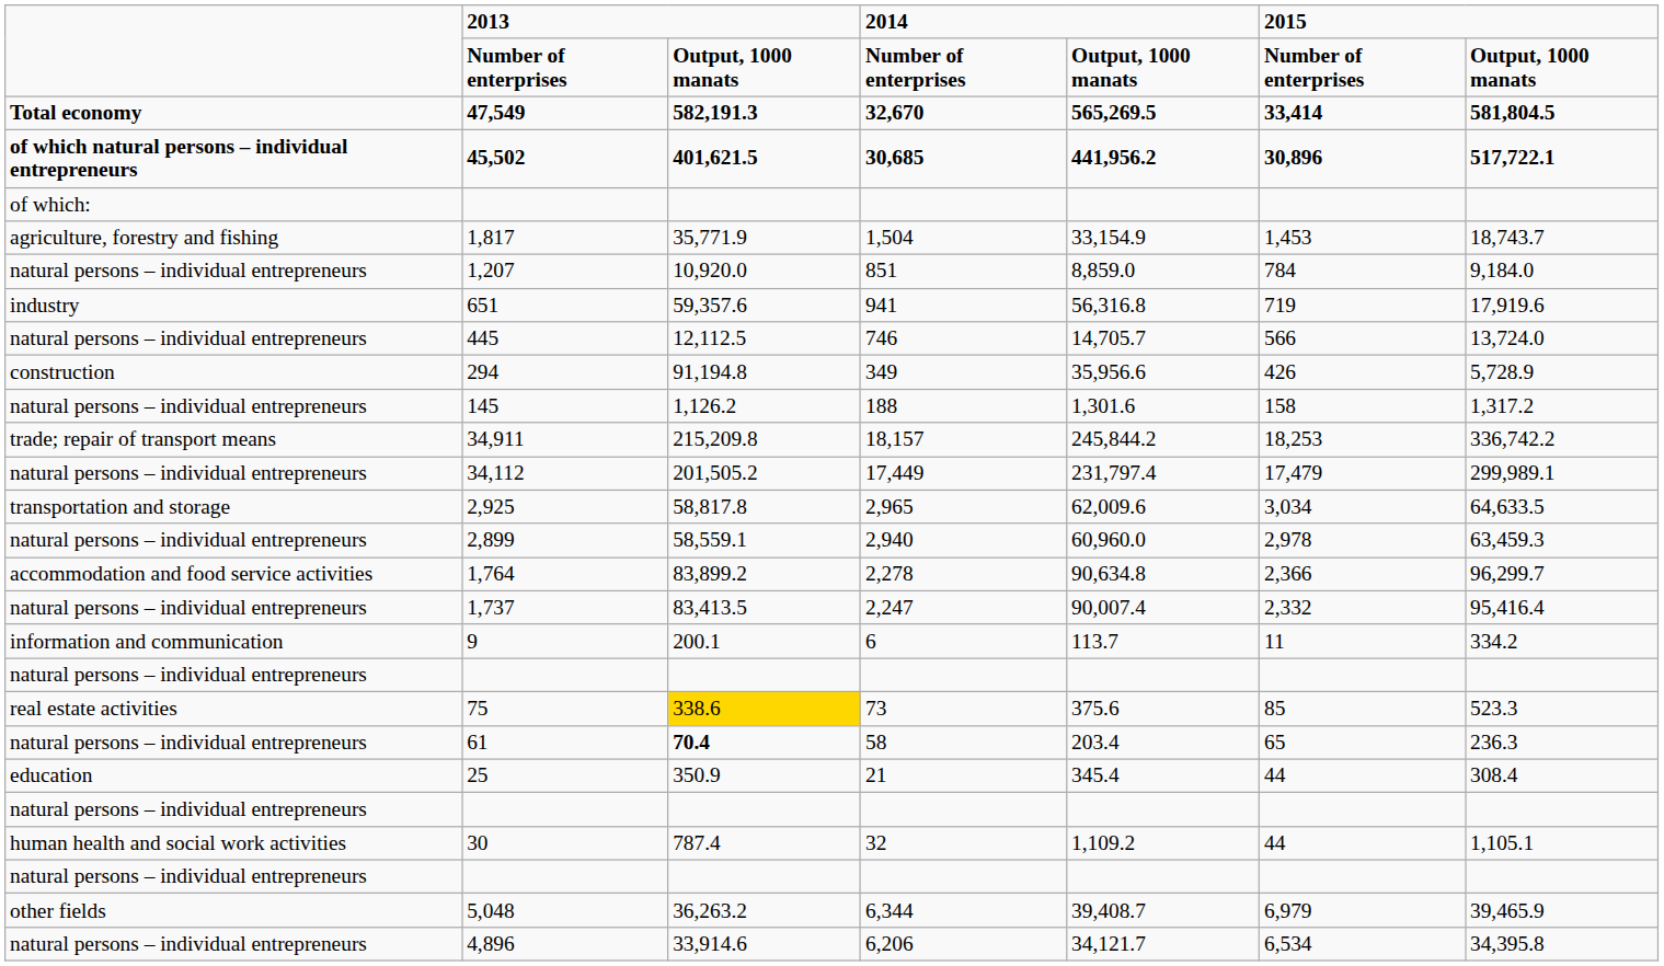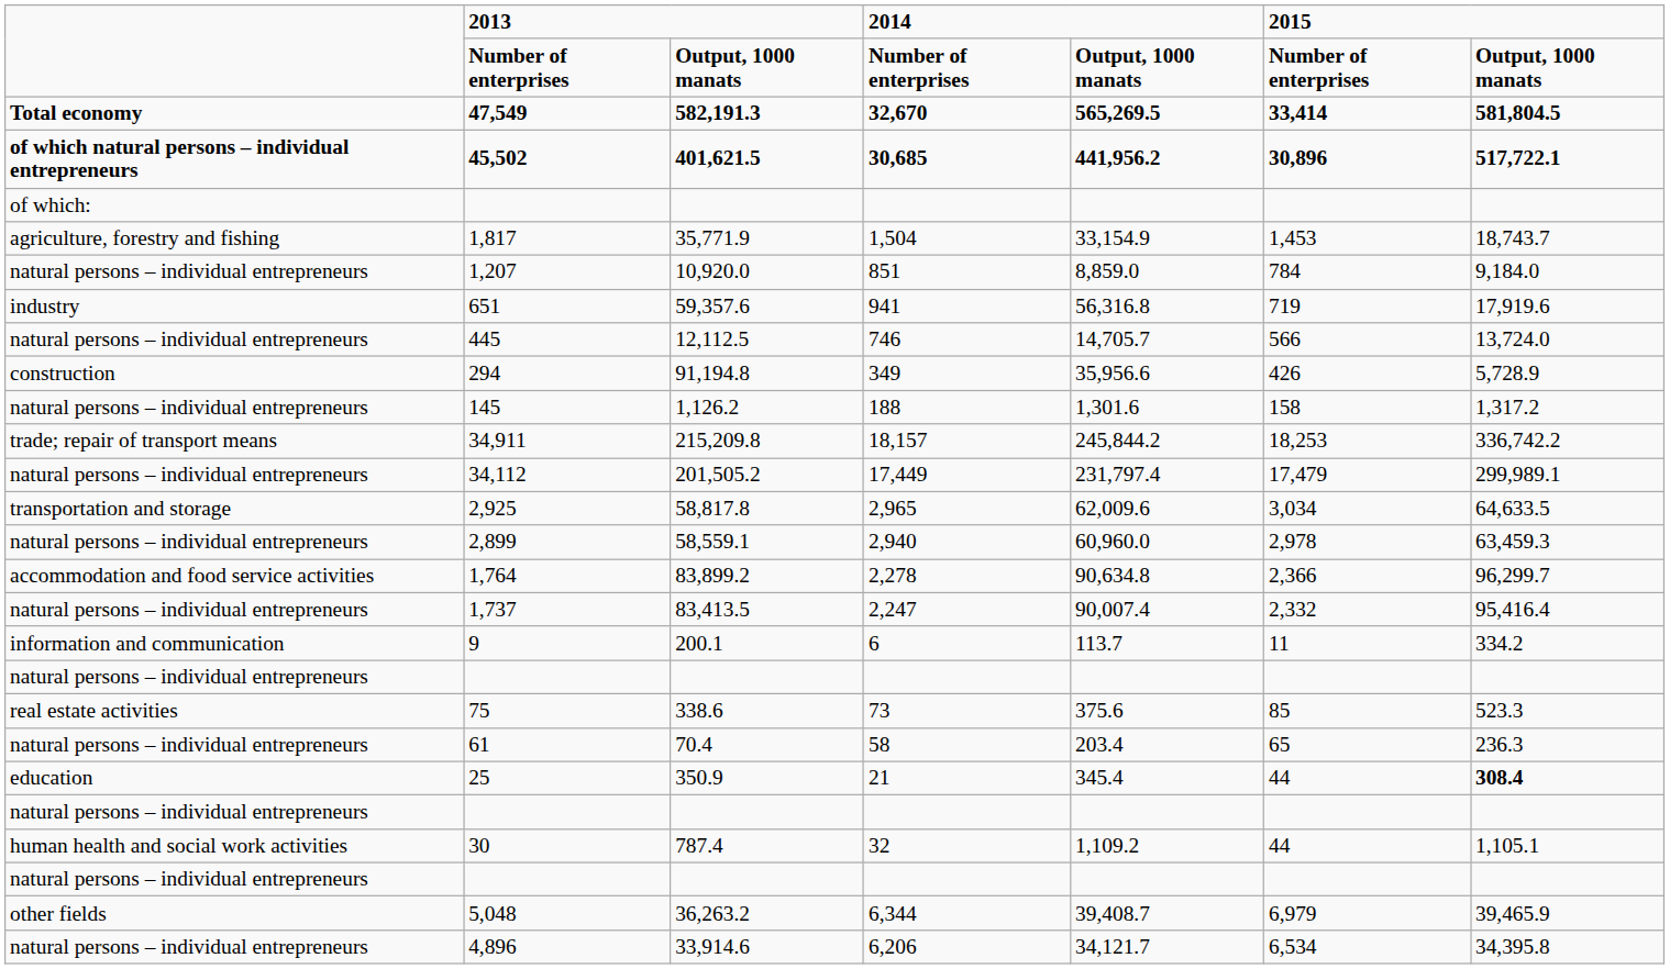 <table class="wikitable">
 <tr>
 <td rowspan="2"></td>
 <td colspan="2"><strong>2013</strong></td>
 <td colspan="2"><strong>2014</strong></td>
 <td colspan="2"><strong>2015</strong></td>
 </tr>
 <tr>
 <td><strong>Number of enterprises</strong></td>
 <td><strong>Output, 1000 manats</strong></td>
 <td><strong>Number of enterprises</strong></td>
 <td><strong>Output, 1000 manats</strong></td>
 <td><strong>Number of enterprises</strong></td>
 <td><strong>Output, 1000 manats</strong></td>
 </tr>
 <tr>
 <td><strong>Total economy</strong></td>
 <td><strong>47,549</strong></td>
 <td><strong>582,191.3</strong></td>
 <td><strong>32,670</strong></td>
 <td><strong>565,269.5</strong></td>
 <td><strong>33,414</strong></td>
 <td><strong>581,804.5</strong></td>
 </tr>
 <tr>
 <td><strong>of which  natural persons – individual entrepreneurs</strong></td>
 <td><strong>45,502</strong></td>
 <td><strong>401,621.5</strong></td>
 <td><strong>30,685</strong></td>
 <td><strong>441,956.2</strong></td>
 <td><strong>30,896</strong></td>
 <td><strong>517,722.1</strong></td>
 </tr>
 <tr>
 <td>of which:</td>
 <td></td>
 <td></td>
 <td></td>
 <td></td>
 <td></td>
 <td></td>
 </tr>
 <tr>
 <td>agriculture, forestry and fishing</td>
 <td>1,817</td>
 <td>35,771.9</td>
 <td>1,504</td>
 <td>33,154.9</td>
 <td>1,453</td>
 <td>18,743.7</td>
 </tr>
 <tr>
 <td>natural persons –  individual entrepreneurs</td>
 <td>1,207</td>
 <td>10,920.0</td>
 <td>851</td>
 <td>8,859.0</td>
 <td>784</td>
 <td>9,184.0</td>
 </tr>
 <tr>
 <td>industry</td>
 <td>651</td>
 <td>59,357.6</td>
 <td>941</td>
 <td>56,316.8</td>
 <td>719</td>
 <td>17,919.6</td>
 </tr>
 <tr>
 <td>natural persons –  individual entrepreneurs</td>
 <td>445</td>
 <td>12,112.5</td>
 <td>746</td>
 <td>14,705.7</td>
 <td>566</td>
 <td>13,724.0</td>
 </tr>
 <tr>
 <td>construction</td>
 <td>294</td>
 <td>91,194.8</td>
 <td>349</td>
 <td>35,956.6</td>
 <td>426</td>
 <td>5,728.9</td>
 </tr>
 <tr>
 <td>natural persons –  individual entrepreneurs</td>
 <td>145</td>
 <td>1,126.2</td>
 <td>188</td>
 <td>1,301.6</td>
 <td>158</td>
 <td>1,317.2</td>
 </tr>
 <tr>
 <td>trade; repair of transport means</td>
 <td>34,911</td>
 <td>215,209.8</td>
 <td>18,157</td>
 <td>245,844.2</td>
 <td>18,253</td>
 <td>336,742.2</td>
 </tr>
 <tr>
 <td>natural persons –  individual entrepreneurs</td>
 <td>34,112</td>
 <td>201,505.2</td>
 <td>17,449</td>
 <td>231,797.4</td>
 <td>17,479</td>
 <td>299,989.1</td>
 </tr>
 <tr>
 <td>transportation and storage</td>
 <td>2,925</td>
 <td>58,817.8</td>
 <td>2,965</td>
 <td>62,009.6</td>
 <td>3,034</td>
 <td>64,633.5</td>
 </tr>
 <tr>
 <td>natural persons –  individual entrepreneurs</td>
 <td>2,899</td>
 <td>58,559.1</td>
 <td>2,940</td>
 <td>60,960.0</td>
 <td>2,978</td>
 <td>63,459.3</td>
 </tr>
 <tr>
 <td>accommodation and food service activities</td>
 <td>1,764</td>
 <td>83,899.2</td>
 <td>2,278</td>
 <td>90,634.8</td>
 <td>2,366</td>
 <td>96,299.7</td>
 </tr>
 <tr>
 <td>natural persons –  individual entrepreneurs</td>
 <td>1,737</td>
 <td>83,413.5</td>
 <td>2,247</td>
 <td>90,007.4</td>
 <td>2,332</td>
 <td>95,416.4</td>
 </tr>
 <tr>
 <td>information and communication</td>
 <td>9</td>
 <td>200.1</td>
 <td>6</td>
 <td>113.7</td>
 <td>11</td>
 <td>334.2</td>
 </tr>
 <tr>
 <td>natural persons –  individual entrepreneurs</td>
 <td></td>
 <td></td>
 <td></td>
 <td></td>
 <td></td>
 <td></td>
 </tr>
 <tr>
 <td>real estate activities</td>
 <td>75</td>
-<td style="background: gold;">338.6</td>
+<td>338.6</td>
 <td>73</td>
 <td>375.6</td>
 <td>85</td>
 <td>523.3</td>
 </tr>
 <tr>
 <td>natural persons –  individual entrepreneurs</td>
 <td>61</td>
-<td><strong>70.4</strong></td>
+<td>70.4</td>
 <td>58</td>
 <td>203.4</td>
 <td>65</td>
 <td>236.3</td>
 </tr>
 <tr>
 <td>education</td>
 <td>25</td>
 <td>350.9</td>
 <td>21</td>
 <td>345.4</td>
 <td>44</td>
-<td>308.4</td>
+<td><strong>308.4</strong></td>
 </tr>
 <tr>
 <td>natural persons –  individual entrepreneurs</td>
 <td></td>
 <td></td>
 <td></td>
 <td></td>
 <td></td>
 <td></td>
 </tr>
 <tr>
 <td>human health and social work activities</td>
 <td>30</td>
 <td>787.4</td>
 <td>32</td>
 <td>1,109.2</td>
 <td>44</td>
 <td>1,105.1</td>
 </tr>
 <tr>
 <td>natural persons –  individual entrepreneurs</td>
 <td></td>
 <td></td>
 <td></td>
 <td></td>
 <td></td>
 <td></td>
 </tr>
 <tr>
 <td>other fields</td>
 <td>5,048</td>
 <td>36,263.2</td>
 <td>6,344</td>
 <td>39,408.7</td>
 <td>6,979</td>
 <td>39,465.9</td>
 </tr>
 <tr>
 <td>natural persons –  individual entrepreneurs</td>
 <td>4,896</td>
 <td>33,914.6</td>
 <td>6,206</td>
 <td>34,121.7</td>
 <td>6,534</td>
 <td>34,395.8</td>
 </tr>
 </table>
